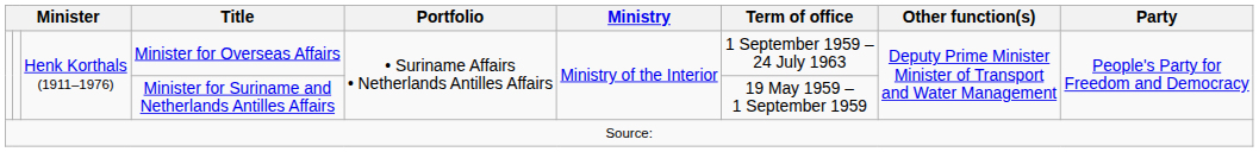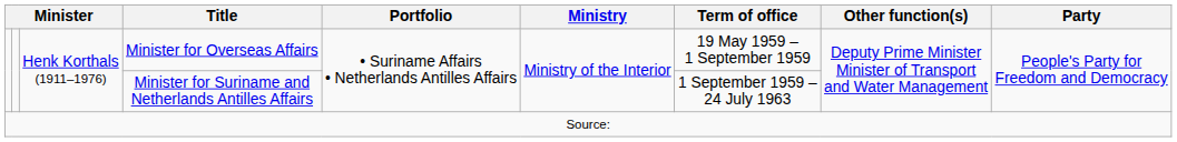 <table class="wikitable" style="text-align:center">
 <tr>
 <th colspan=3>Minister</th>
 <th>Title</th>
 <th>Portfolio</th>
 <th><a href='#'>Ministry</a></th>
 <th>Term of office</th>
 <th>Other function(s)</th>
 <th>Party</th>
 </tr>
 <tr>
 <td rowspan=2 style="background:"></td>
 <td rowspan=2></td>
 <td rowspan=2><a href='#'>Henk Korthals</a> <br> <small>(1911–1976)</small></td>
 <td><a href='#'>Minister for Overseas Affairs</a></td>
 <td rowspan=2>• Suriname Affairs <br> • Netherlands Antilles Affairs</td>
 <td rowspan=2><a href='#'>Ministry of the Interior</a></td>
-<td>1 September 1959 – <br> 24 July 1963</td>
+<td>19 May 1959 – <br> 1 September 1959</td>
 <td rowspan=2><a href='#'>Deputy Prime Minister</a> <br> <a href='#'>Minister of Transport <br> and Water Management</a></td>
 <td rowspan=2><a href='#'>People's Party for <br> Freedom and Democracy</a></td>
 </tr>
 <tr>
 <td><a href='#'>Minister for Suriname and <br> Netherlands Antilles Affairs</a></td>
-<td>19 May 1959 – <br> 1 September 1959</td>
+<td>1 September 1959 – <br> 24 July 1963</td>
 </tr>
 <tr>
 <td colspan=9><small>Source:</small></td>
 </tr>
 </table>
